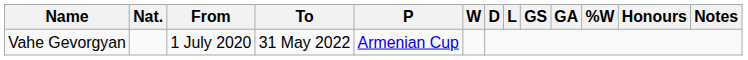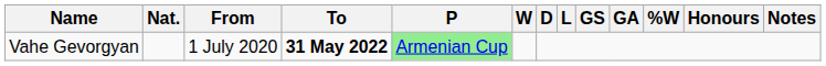 <table class="wikitable sortable" style="text-align: center">
 <tr>
 <th>Name</th>
 <th>Nat.</th>
 <th class="unsortable">From</th>
 <th class="unsortable">To</th>
 <th abbr="TOTAL OF MATCHES PLAYED">P</th>
 <th abbr="MATCHES WON">W</th>
 <th abbr="MATCHES DRAWN">D</th>
 <th abbr="MATCHES LOST">L</th>
 <th abbr="GOALS SCORED">GS</th>
 <th abbr="GOAL AGAINST">GA</th>
 <th abbr="PERCENTAGE OF MATCHES WON">%W</th>
 <th abbr="HONOURS">Honours</th>
 <th abbr="NOTES">Notes</th>
 </tr>
 <tr>
 <td align=left>Vahe Gevorgyan</td>
 <td align=left></td>
 <td align=left>1 July 2020</td>
-<td align=left>31 May 2022<br></td>
-<td><a href='#'>Armenian Cup</a> </td>
+<td align=left><strong>31 May 2022<br></strong></td>
+<td style="background: lightgreen;"><a href='#'>Armenian Cup</a> </td>
 <td></td>
 </tr>
 </table>
